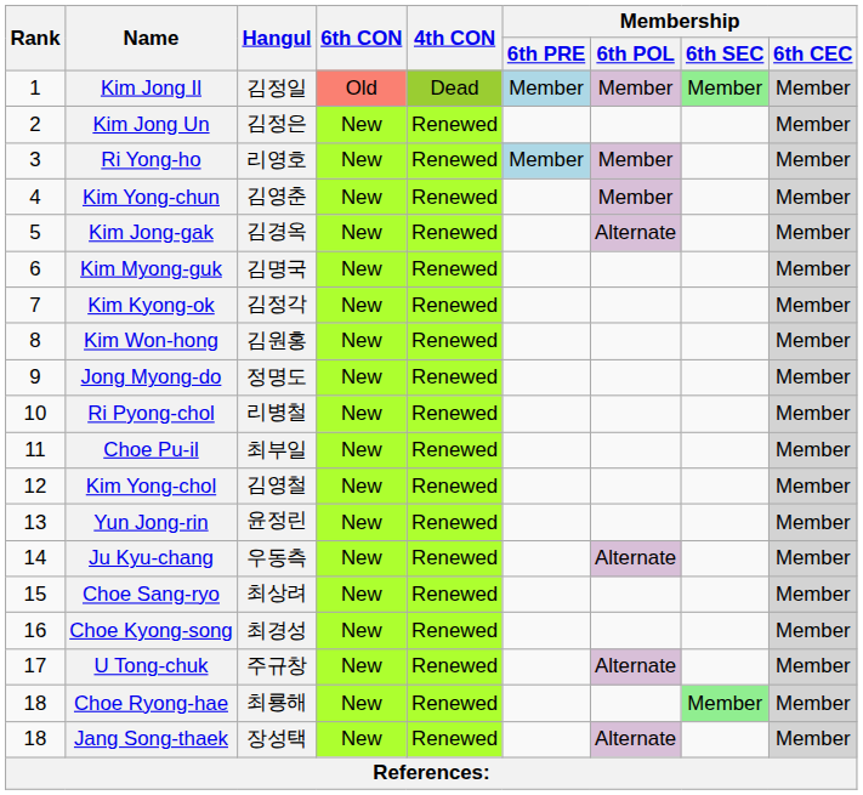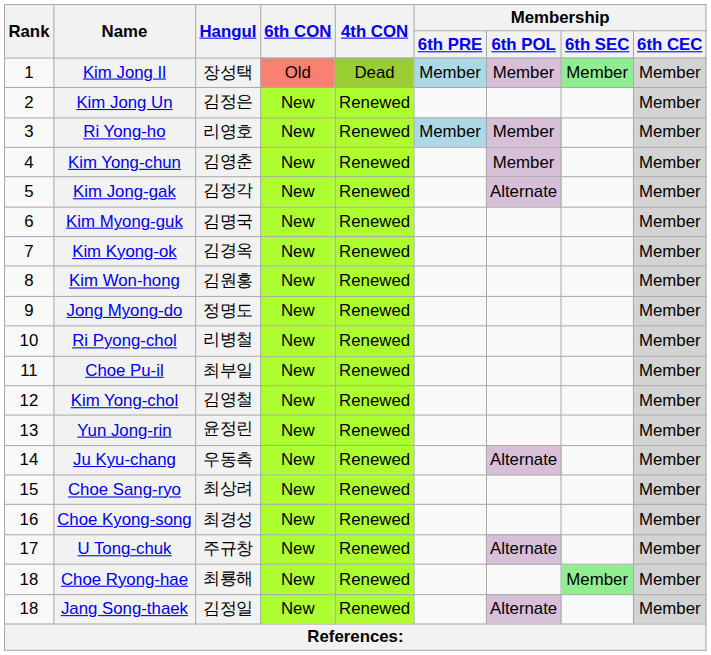 <table class="wikitable sortable">
 <tr>
 <th rowspan="2">Rank</th>
 <th rowspan="2">Name</th>
 <th rowspan="2"><a href='#'>Hangul</a></th>
 <th rowspan="2"><a href='#'>6th CON</a></th>
 <th rowspan="2"><a href='#'>4th CON</a></th>
 <th colspan="4">Membership</th>
 </tr>
 <tr>
 <th><a href='#'>6th PRE</a></th>
 <th><a href='#'>6th POL</a></th>
 <th><a href='#'>6th SEC</a></th>
 <th><a href='#'>6th CEC</a></th>
 </tr>
 <tr>
 <td align="center">1</td>
 <th align="center" scope="row" style="font-weight:normal;"><a href='#'>Kim Jong Il</a></th>
-<th align="center" scope="row" style="font-weight:normal;">김정일</th>
+<th align="center" scope="row" style="font-weight:normal;">장성택</th>
 <td style="background: Salmon" align="center">Old</td>
 <td data-sort-value="1" align="center" style="background: YellowGreen">Dead</td>
 <td data-sort-value="1" align="center" style="background: LightBlue">Member</td>
 <td data-sort-value="1" align="center" style="background: thistle">Member</td>
 <td data-sort-value="1" style="background: LightGreen" align="center">Member</td>
 <td data-sort-value="1" align="center" style="background: LightGray">Member</td>
 </tr>
 <tr>
 <td align="center">2</td>
 <th align="center" scope="row" style="font-weight:normal;"><a href='#'>Kim Jong Un</a></th>
 <th align="center" scope="row" style="font-weight:normal;">김정은</th>
 <td align="center" style="background: GreenYellow">New</td>
 <td align="center" style="background: GreenYellow">Renewed</td>
 <td data-sort-value="100"></td>
 <td data-sort-value="100"></td>
 <td data-sort-value="100"></td>
 <td data-sort-value="21" align="center" style="background: LightGray">Member</td>
 </tr>
 <tr>
 <td align="center">3</td>
 <th align="center" scope="row" style="font-weight:normal;"><a href='#'>Ri Yong-ho</a></th>
 <th align="center" scope="row" style="font-weight:normal;">리영호</th>
 <td align="center" style="background: GreenYellow">New</td>
 <td align="center" style="background: GreenYellow">Renewed</td>
 <td data-sort-value="5" align="center" style="background: LightBlue">Member</td>
 <td data-sort-value="5" align="center" style="background: thistle">Member</td>
 <td data-sort-value="100"></td>
 <td data-sort-value="58" align="center" style="background: LightGray">Member</td>
 </tr>
 <tr>
 <td align="center">4</td>
 <th align="center" scope="row" style="font-weight:normal;"><a href='#'>Kim Yong-chun</a></th>
 <th align="center" scope="row" style="font-weight:normal;">김영춘</th>
 <td align="center" style="background: GreenYellow">New</td>
 <td align="center" style="background: GreenYellow">Renewed</td>
 <td data-sort-value="100"></td>
 <td data-sort-value="6" align="center" style="background: thistle">Member</td>
 <td data-sort-value="100"></td>
 <td data-sort-value="33" align="center" style="background: LightGray">Member</td>
 </tr>
 <tr>
 <td align="center">5</td>
 <th align="center" scope="row" style="font-weight:normal;"><a href='#'>Kim Jong-gak</a></th>
-<th align="center" scope="row" style="font-weight:normal;">김경옥</th>
+<th align="center" scope="row" style="font-weight:normal;">김정각</th>
 <td align="center" style="background: GreenYellow">New</td>
 <td align="center" style="background: GreenYellow">Renewed</td>
 <td data-sort-value="100"></td>
 <td data-sort-value="28" align="center" style="background: thistle">Alternate</td>
 <td data-sort-value="100"></td>
 <td data-sort-value="19" align="center" style="background: LightGray">Member</td>
 </tr>
 <tr>
 <td align="center">6</td>
 <th align="center" scope="row" style="font-weight:normal;"><a href='#'>Kim Myong-guk</a></th>
 <th align="center" scope="row" style="font-weight:normal;">김명국</th>
 <td align="center" style="background: GreenYellow">New</td>
 <td align="center" style="background: GreenYellow">Renewed</td>
 <td data-sort-value="100"></td>
 <td data-sort-value="100"></td>
 <td data-sort-value="100"></td>
 <td data-sort-value="14" align="center" style="background: LightGray">Member</td>
 </tr>
 <tr>
 <td align="center">7</td>
 <th align="center" scope="row" style="font-weight:normal;"><a href='#'>Kim Kyong-ok</a></th>
-<th align="center" scope="row" style="font-weight:normal;">김정각</th>
+<th align="center" scope="row" style="font-weight:normal;">김경옥</th>
 <td align="center" style="background: GreenYellow">New</td>
 <td align="center" style="background: GreenYellow">Renewed</td>
 <td data-sort-value="100"></td>
 <td data-sort-value="100"></td>
 <td data-sort-value="100"></td>
 <td data-sort-value="10" align="center" style="background: LightGray">Member</td>
 </tr>
 <tr>
 <td align="center">8</td>
 <th align="center" scope="row" style="font-weight:normal;"><a href='#'>Kim Won-hong</a></th>
 <th align="center" scope="row" style="font-weight:normal;">김원홍</th>
 <td align="center" style="background: GreenYellow">New</td>
 <td align="center" style="background: GreenYellow">Renewed</td>
 <td data-sort-value="100"></td>
 <td data-sort-value="100"></td>
 <td data-sort-value="100"></td>
 <td data-sort-value="38" align="center" style="background: LightGray">Member</td>
 </tr>
 <tr>
 <td align="center">9</td>
 <th align="center" scope="row" style="font-weight:normal;"><a href='#'>Jong Myong-do</a></th>
 <th align="center" scope="row" style="font-weight:normal;">정명도</th>
 <td align="center" style="background: GreenYellow">New</td>
 <td align="center" style="background: GreenYellow">Renewed</td>
 <td data-sort-value="100"></td>
 <td data-sort-value="100"></td>
 <td data-sort-value="100"></td>
 <td data-sort-value="89" align="center" style="background: LightGray">Member</td>
 </tr>
 <tr>
 <td align="center">10</td>
 <th align="center" scope="row" style="font-weight:normal;"><a href='#'>Ri Pyong-chol</a></th>
 <th align="center" scope="row" style="font-weight:normal;">리병철</th>
 <td align="center" style="background: GreenYellow">New</td>
 <td align="center" style="background: GreenYellow">Renewed</td>
 <td data-sort-value="100"></td>
 <td data-sort-value="100"></td>
 <td data-sort-value="100"></td>
 <td data-sort-value="50" align="center" style="background: LightGray">Member</td>
 </tr>
 <tr>
 <td align="center">11</td>
 <th align="center" scope="row" style="font-weight:normal;"><a href='#'>Choe Pu-il</a></th>
 <th align="center" scope="row" style="font-weight:normal;">최부일</th>
 <td align="center" style="background: GreenYellow">New</td>
 <td align="center" style="background: GreenYellow">Renewed</td>
 <td data-sort-value="100"></td>
 <td data-sort-value="100"></td>
 <td data-sort-value="100"></td>
 <td data-sort-value="102" align="center" style="background: LightGray">Member</td>
 </tr>
 <tr>
 <td align="center">12</td>
 <th align="center" scope="row" style="font-weight:normal;"><a href='#'>Kim Yong-chol</a></th>
 <th align="center" scope="row" style="font-weight:normal;">김영철</th>
 <td align="center" style="background: GreenYellow">New</td>
 <td align="center" style="background: GreenYellow">Renewed</td>
 <td data-sort-value="100"></td>
 <td data-sort-value="100"></td>
 <td data-sort-value="100"></td>
 <td data-sort-value="35" align="center" style="background: LightGray">Member</td>
 </tr>
 <tr>
 <td align="center">13</td>
 <th align="center" scope="row" style="font-weight:normal;"><a href='#'>Yun Jong-rin</a></th>
 <th align="center" scope="row" style="font-weight:normal;">윤정린</th>
 <td align="center" style="background: GreenYellow">New</td>
 <td align="center" style="background: GreenYellow">Renewed</td>
 <td data-sort-value="100"></td>
 <td data-sort-value="100"></td>
 <td data-sort-value="100"></td>
 <td data-sort-value="124" align="center" style="background: LightGray">Member</td>
 </tr>
 <tr>
 <td align="center">14</td>
 <th align="center" scope="row" style="font-weight:normal;"><a href='#'>Ju Kyu-chang</a></th>
 <th align="center" scope="row" style="font-weight:normal;">우동측</th>
 <td align="center" style="background: GreenYellow">New</td>
 <td align="center" style="background: GreenYellow">Renewed</td>
 <td data-sort-value="100"></td>
 <td data-sort-value="22" align="center" style="background: thistle">Alternate</td>
 <td data-sort-value="100"></td>
 <td data-sort-value="95" align="center" style="background: LightGray">Member</td>
 </tr>
 <tr>
 <td align="center">15</td>
 <th align="center" scope="row" style="font-weight:normal;"><a href='#'>Choe Sang-ryo</a></th>
 <th align="center" scope="row" style="font-weight:normal;">최상려</th>
 <td align="center" style="background: GreenYellow">New</td>
 <td align="center" style="background: GreenYellow">Renewed</td>
 <td data-sort-value="100"></td>
 <td data-sort-value="100"></td>
 <td data-sort-value="100"></td>
 <td data-sort-value="103" align="center" style="background: LightGray">Member</td>
 </tr>
 <tr>
 <td align="center">16</td>
 <th align="center" scope="row" style="font-weight:normal;"><a href='#'>Choe Kyong-song</a></th>
 <th align="center" scope="row" style="font-weight:normal;">최경성</th>
 <td align="center" style="background: GreenYellow">New</td>
 <td align="center" style="background: GreenYellow">Renewed</td>
 <td data-sort-value="100"></td>
 <td data-sort-value="100"></td>
 <td data-sort-value="100"></td>
 <td data-sort-value="100" align="center" style="background: LightGray">Member</td>
 </tr>
 <tr>
 <td align="center">17</td>
 <th align="center" scope="row" style="font-weight:normal;"><a href='#'>U Tong-chuk</a></th>
 <th align="center" scope="row" style="font-weight:normal;">주규창</th>
 <td align="center" style="background: GreenYellow">New</td>
 <td align="center" style="background: GreenYellow">Renewed</td>
 <td data-sort-value="100"></td>
 <td data-sort-value="27" align="center" style="background: thistle">Alternate</td>
 <td data-sort-value="100"></td>
 <td data-sort-value="122" align="center" style="background: LightGray">Member</td>
 </tr>
 <tr>
 <td align="center">18</td>
 <th align="center" scope="row" style="font-weight:normal;"><a href='#'>Choe Ryong-hae</a></th>
 <th align="center" scope="row" style="font-weight:normal;">최룡해</th>
 <td align="center" style="background: GreenYellow">New</td>
 <td align="center" style="background: GreenYellow">Renewed</td>
 <td data-sort-value="100"></td>
 <td data-sort-value="100"></td>
 <td data-sort-value="4" style="background: LightGreen" align="center">Member</td>
 <td data-sort-value="101" align="center" style="background: LightGray">Member</td>
 </tr>
 <tr>
 <td align="center">18</td>
 <th align="center" scope="row" style="font-weight:normal;"><a href='#'>Jang Song-thaek</a></th>
-<th align="center" scope="row" style="font-weight:normal;">장성택</th>
+<th align="center" scope="row" style="font-weight:normal;">김정일</th>
 <td align="center" style="background: GreenYellow">New</td>
 <td align="center" style="background: GreenYellow">Renewed</td>
 <td data-sort-value="100"></td>
 <td data-sort-value="21" align="center" style="background: thistle">Alternate</td>
 <td data-sort-value="100"></td>
 <td data-sort-value="80" align="center" style="background: LightGray">Member</td>
 </tr>
 <tr>
 <th colspan="9" unsortable><strong>References:</strong><br></th>
 </tr>
 </table>
